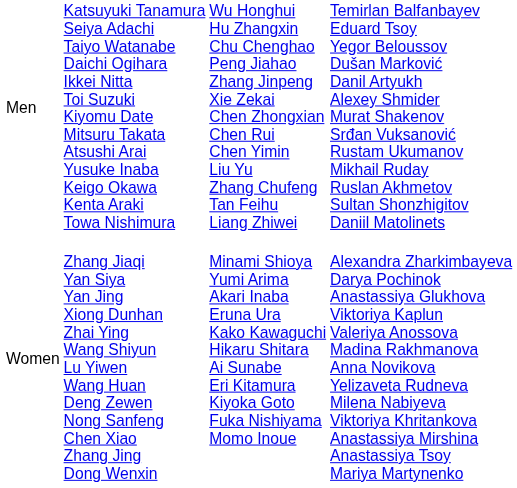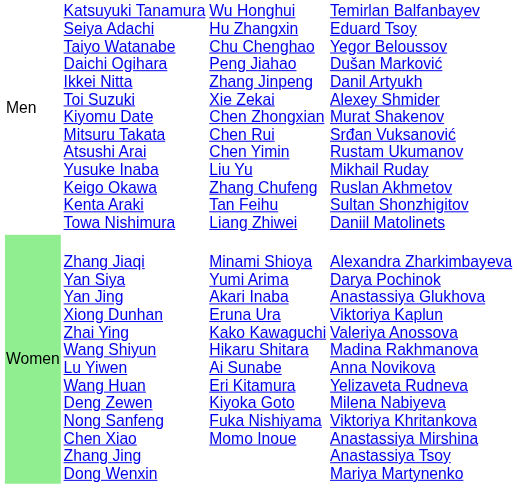 <table>
 <tr>
 <td>Men<br></td>
 <td><br><a href='#'>Katsuyuki Tanamura</a><br><a href='#'>Seiya Adachi</a><br><a href='#'>Taiyo Watanabe</a><br><a href='#'>Daichi Ogihara</a><br><a href='#'>Ikkei Nitta</a><br><a href='#'>Toi Suzuki</a><br><a href='#'>Kiyomu Date</a><br><a href='#'>Mitsuru Takata</a><br><a href='#'>Atsushi Arai</a><br><a href='#'>Yusuke Inaba</a><br><a href='#'>Keigo Okawa</a><br><a href='#'>Kenta Araki</a><br><a href='#'>Towa Nishimura</a></td>
 <td><br><a href='#'>Wu Honghui</a><br><a href='#'>Hu Zhangxin</a><br><a href='#'>Chu Chenghao</a><br><a href='#'>Peng Jiahao</a><br><a href='#'>Zhang Jinpeng</a><br><a href='#'>Xie Zekai</a><br><a href='#'>Chen Zhongxian</a><br><a href='#'>Chen Rui</a><br><a href='#'>Chen Yimin</a><br><a href='#'>Liu Yu</a><br><a href='#'>Zhang Chufeng</a><br><a href='#'>Tan Feihu</a><br><a href='#'>Liang Zhiwei</a></td>
 <td><br><a href='#'>Temirlan Balfanbayev</a><br><a href='#'>Eduard Tsoy</a><br><a href='#'>Yegor Beloussov</a><br><a href='#'>Dušan Marković</a><br><a href='#'>Danil Artyukh</a><br><a href='#'>Alexey Shmider</a><br><a href='#'>Murat Shakenov</a><br><a href='#'>Srđan Vuksanović</a><br><a href='#'>Rustam Ukumanov</a><br><a href='#'>Mikhail Ruday</a><br><a href='#'>Ruslan Akhmetov</a><br><a href='#'>Sultan Shonzhigitov</a><br><a href='#'>Daniil Matolinets</a></td>
 </tr>
 <tr>
-<td>Women<br></td>
+<td style="background: lightgreen;">Women<br></td>
 <td><br><a href='#'>Zhang Jiaqi</a><br><a href='#'>Yan Siya</a><br><a href='#'>Yan Jing</a><br><a href='#'>Xiong Dunhan</a><br><a href='#'>Zhai Ying</a><br><a href='#'>Wang Shiyun</a><br><a href='#'>Lu Yiwen</a><br><a href='#'>Wang Huan</a><br><a href='#'>Deng Zewen</a><br><a href='#'>Nong Sanfeng</a><br><a href='#'>Chen Xiao</a><br><a href='#'>Zhang Jing</a><br><a href='#'>Dong Wenxin</a></td>
 <td valign=top><br><a href='#'>Minami Shioya</a><br><a href='#'>Yumi Arima</a><br><a href='#'>Akari Inaba</a><br><a href='#'>Eruna Ura</a><br><a href='#'>Kako Kawaguchi</a><br><a href='#'>Hikaru Shitara</a><br><a href='#'>Ai Sunabe</a><br><a href='#'>Eri Kitamura</a><br><a href='#'>Kiyoka Goto</a><br><a href='#'>Fuka Nishiyama</a><br><a href='#'>Momo Inoue</a></td>
 <td><br><a href='#'>Alexandra Zharkimbayeva</a><br><a href='#'>Darya Pochinok</a><br><a href='#'>Anastassiya Glukhova</a><br><a href='#'>Viktoriya Kaplun</a><br><a href='#'>Valeriya Anossova</a><br><a href='#'>Madina Rakhmanova</a><br><a href='#'>Anna Novikova</a><br><a href='#'>Yelizaveta Rudneva</a><br><a href='#'>Milena Nabiyeva</a><br><a href='#'>Viktoriya Khritankova</a><br><a href='#'>Anastassiya Mirshina</a><br><a href='#'>Anastassiya Tsoy</a><br><a href='#'>Mariya Martynenko</a></td>
 </tr>
 </table>
